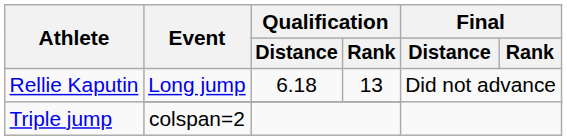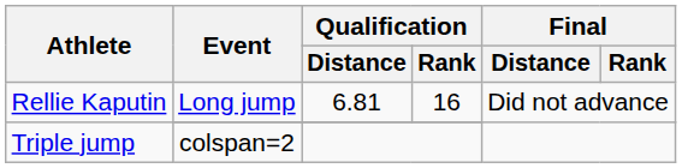 <table class="wikitable" style="font-size:90%">
 <tr>
 <th rowspan=2>Athlete</th>
 <th rowspan=2>Event</th>
 <th colspan=2>Qualification</th>
 <th colspan=2>Final</th>
 </tr>
 <tr style="font-size:95%">
 <th>Distance</th>
 <th>Rank</th>
 <th>Distance</th>
 <th>Rank</th>
 </tr>
 <tr align=center>
 <td align=left rowspan=2><a href='#'>Rellie Kaputin</a></td>
 <td align=left><a href='#'>Long jump</a></td>
-<td>6.18</td>
-<td>13</td>
+<td>6.81</td>
+<td>16</td>
 <td colspan=2>Did not advance</td>
 </tr>
 <tr>
 </tr>
 <tr align=center>
 <td align=left><a href='#'>Triple jump</a></td>
 <td>colspan=2 </td>
 <td colspan=2></td>
 </tr>
 </table>
